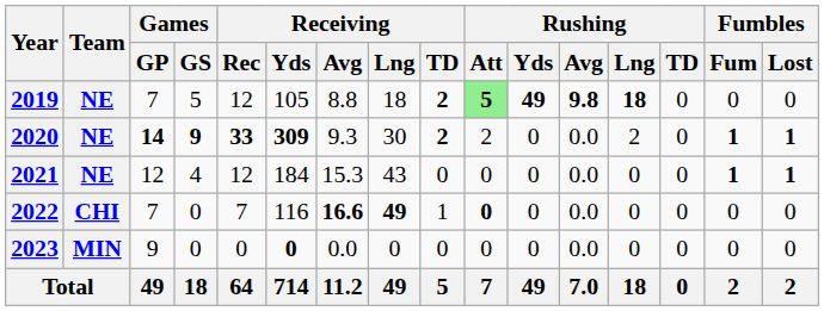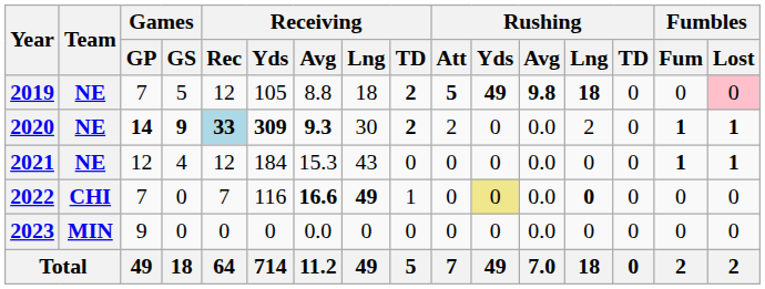 <table class="wikitable" style="text-align:center;">
 <tr>
 <th rowspan="2">Year</th>
 <th rowspan="2">Team</th>
 <th colspan="2">Games</th>
 <th colspan="5">Receiving</th>
 <th colspan="5">Rushing</th>
 <th colspan="2">Fumbles</th>
 </tr>
 <tr>
 <th>GP</th>
 <th>GS</th>
 <th>Rec</th>
 <th>Yds</th>
 <th>Avg</th>
 <th>Lng</th>
 <th>TD</th>
 <th>Att</th>
 <th>Yds</th>
 <th>Avg</th>
 <th>Lng</th>
 <th>TD</th>
 <th>Fum</th>
 <th>Lost</th>
 </tr>
 <tr>
 <th><a href='#'>2019</a></th>
 <th><a href='#'>NE</a></th>
 <td>7</td>
 <td>5</td>
 <td>12</td>
 <td>105</td>
 <td>8.8</td>
 <td>18</td>
 <td><strong>2</strong></td>
-<td style="background: lightgreen;"><strong>5</strong></td>
+<td><strong>5</strong></td>
 <td><strong>49</strong></td>
 <td><strong>9.8</strong></td>
 <td><strong>18</strong></td>
 <td>0</td>
 <td>0</td>
-<td>0</td>
+<td style="background: pink;">0</td>
 </tr>
 <tr>
 <th><a href='#'>2020</a></th>
 <th><a href='#'>NE</a></th>
 <td><strong>14</strong></td>
 <td><strong>9</strong></td>
-<td><strong>33</strong></td>
+<td style="background: lightblue;"><strong>33</strong></td>
 <td><strong>309</strong></td>
-<td>9.3</td>
+<td><strong>9.3</strong></td>
 <td>30</td>
 <td><strong>2</strong></td>
 <td>2</td>
 <td>0</td>
 <td>0.0</td>
 <td>2</td>
 <td>0</td>
 <td><strong>1</strong></td>
 <td><strong>1</strong></td>
 </tr>
 <tr>
 <th><a href='#'>2021</a></th>
 <th><a href='#'>NE</a></th>
 <td>12</td>
 <td>4</td>
 <td>12</td>
 <td>184</td>
 <td>15.3</td>
 <td>43</td>
 <td>0</td>
 <td>0</td>
 <td>0</td>
 <td>0.0</td>
 <td>0</td>
 <td>0</td>
 <td><strong>1</strong></td>
 <td><strong>1</strong></td>
 </tr>
 <tr>
 <th><a href='#'>2022</a></th>
 <th><a href='#'>CHI</a></th>
 <td>7</td>
 <td>0</td>
 <td>7</td>
 <td>116</td>
 <td><strong>16.6</strong></td>
 <td><strong>49</strong></td>
 <td>1</td>
+<td>0</td>
+<td style="background: khaki;">0</td>
+<td>0.0</td>
 <td><strong>0</strong></td>
-<td>0</td>
-<td>0.0</td>
-<td>0</td>
 <td>0</td>
 <td>0</td>
 <td>0</td>
 </tr>
 <tr>
 <th><a href='#'>2023</a></th>
 <th><a href='#'>MIN</a></th>
 <td>9</td>
 <td>0</td>
 <td>0</td>
-<td><strong>0</strong></td>
+<td>0</td>
 <td>0.0</td>
 <td>0</td>
 <td>0</td>
 <td>0</td>
 <td>0</td>
 <td>0.0</td>
 <td>0</td>
 <td>0</td>
 <td>0</td>
 <td>0</td>
 </tr>
 <tr>
 <th colspan="2">Total</th>
 <th>49</th>
 <th>18</th>
 <th>64</th>
 <th>714</th>
 <th>11.2</th>
 <th>49</th>
 <th>5</th>
 <th>7</th>
 <th>49</th>
 <th>7.0</th>
 <th>18</th>
 <th>0</th>
 <th>2</th>
 <th>2</th>
 </tr>
 </table>
